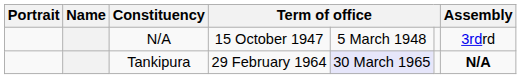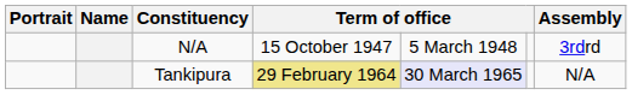 <table class="wikitable sortable" style="text-align:center">
 <tr>
 <th class="unsortable" scope="col">Portrait</th>
 <th scope="col" class="sortable">Name</th>
 <th scope="col">Constituency</th>
 <th colspan="3" scope="colgroup">Term of office</th>
 <th scope="col">Assembly</th>
 </tr>
 <tr align="center">
 <td></td>
 <th scope="row"></th>
 <td>N/A</td>
 <td>15 October 1947</td>
 <td>5 March 1948</td>
 <td></td>
 <td><a href='#'>3rd</a>rd</td>
 </tr>
 <tr align="center">
 <td></td>
 <th scope="row"></th>
 <td>Tankipura</td>
-<td>29 February 1964</td>
+<td style="background: khaki;">29 February 1964</td>
 <td style="background: lavender;">30 March 1965</td>
 <td></td>
-<td><strong>N/A</strong></td>
+<td>N/A</td>
 </tr>
 </table>
